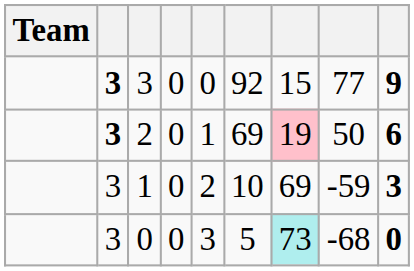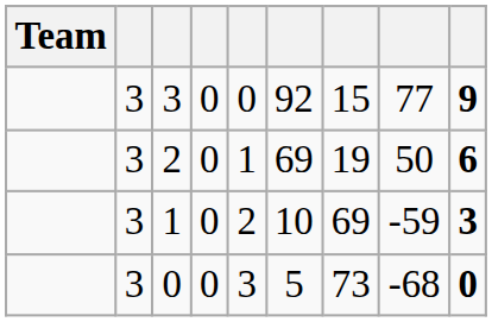 <table class="wikitable" style="text-align: center;">
 <tr>
 <th>Team</th>
 <th></th>
 <th></th>
 <th></th>
 <th></th>
 <th></th>
 <th></th>
 <th></th>
 <th><strong></strong></th>
 </tr>
 <tr>
 <td align="left"></td>
-<td><strong>3</strong></td>
+<td>3</td>
 <td>3</td>
 <td>0</td>
 <td>0</td>
 <td>92</td>
 <td>15</td>
 <td>77</td>
 <td><strong>9</strong></td>
 </tr>
 <tr>
 <td align="left"></td>
-<td><strong>3</strong></td>
+<td>3</td>
 <td>2</td>
 <td>0</td>
 <td>1</td>
 <td>69</td>
-<td style="background: pink;">19</td>
+<td>19</td>
 <td>50</td>
 <td><strong>6</strong></td>
 </tr>
 <tr>
 <td align="left"></td>
 <td>3</td>
 <td>1</td>
 <td>0</td>
 <td>2</td>
 <td>10</td>
 <td>69</td>
 <td>-59</td>
 <td><strong>3</strong></td>
 </tr>
 <tr>
 <td align="left"></td>
 <td>3</td>
 <td>0</td>
 <td>0</td>
 <td>3</td>
 <td>5</td>
-<td style="background: paleturquoise;">73</td>
+<td>73</td>
 <td>-68</td>
 <td><strong>0</strong></td>
 </tr>
 </table>
